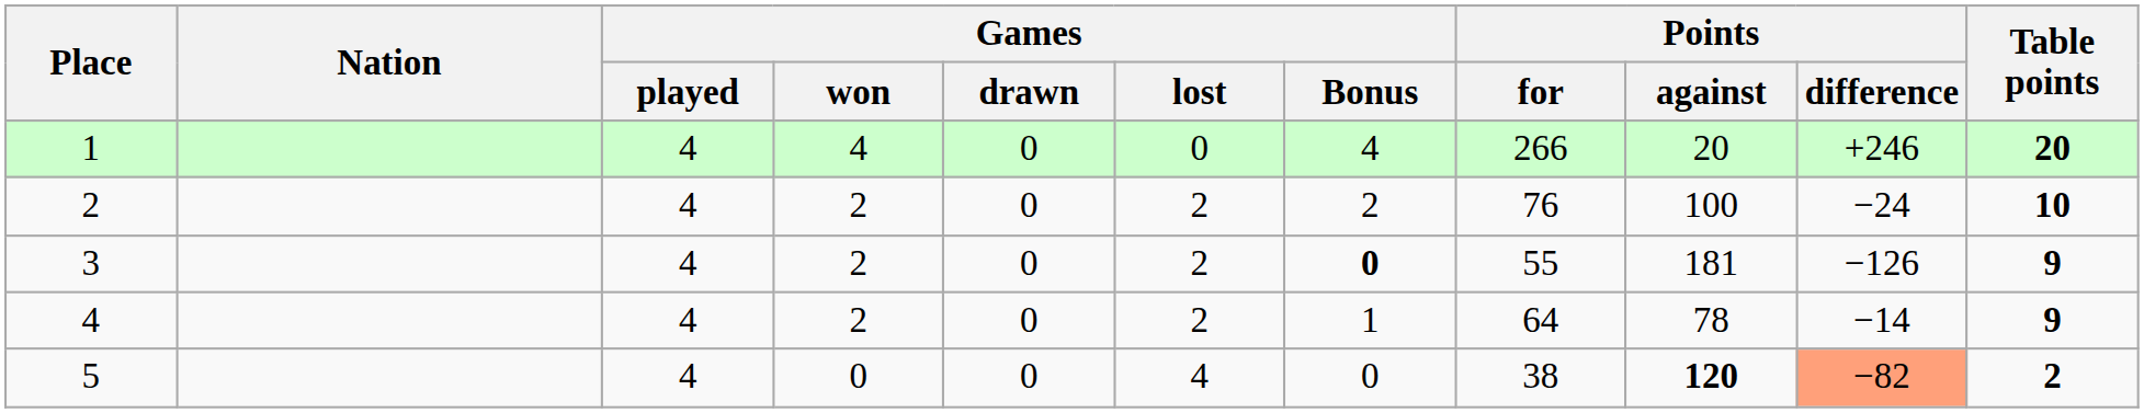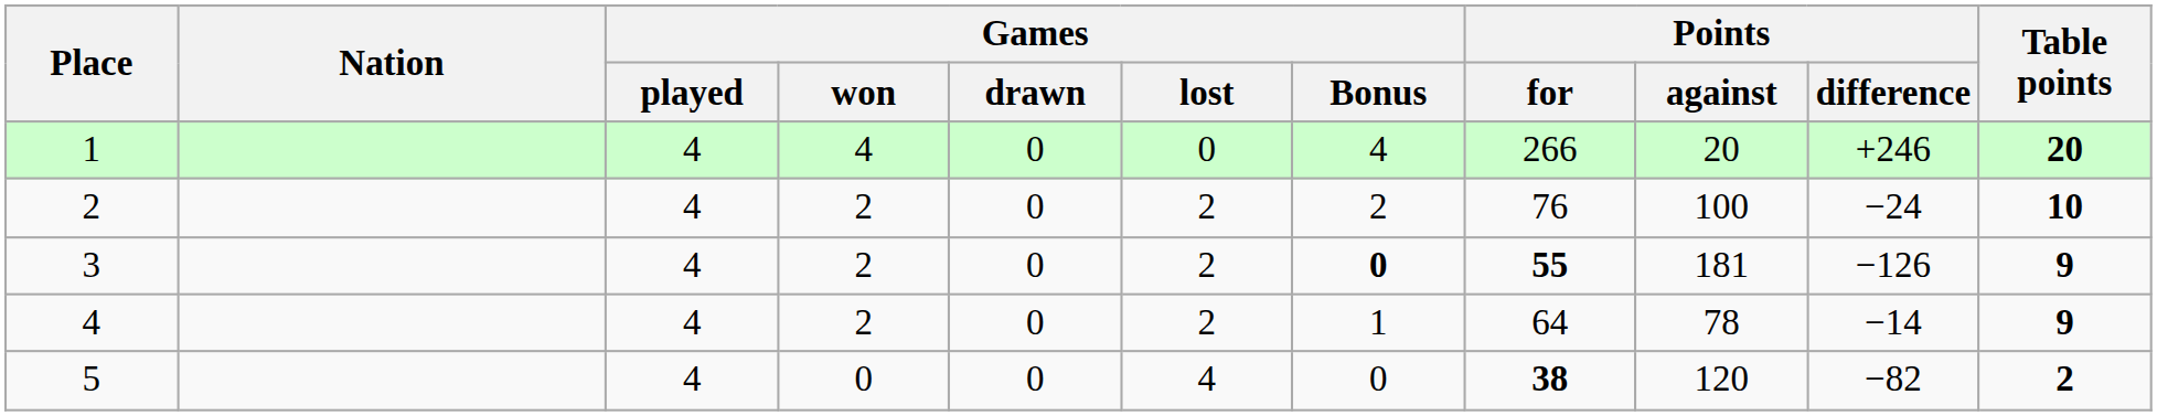 <table class="wikitable">
 <tr>
 <th rowspan=2 width="8%">Place</th>
 <th rowspan=2 width="20%">Nation</th>
 <th colspan=5 width="40%">Games</th>
 <th colspan=3 width="24%">Points</th>
 <th rowspan=2 width="10%">Table<br>points</th>
 </tr>
 <tr>
 <th width="8%">played</th>
 <th width="8%">won</th>
 <th width="8%">drawn</th>
 <th width="8%">lost</th>
 <th width="8%">Bonus</th>
 <th width="8%">for</th>
 <th width="8%">against</th>
 <th width="8%">difference</th>
 </tr>
 <tr align=center bgcolor="#ccffcc">
 <td>1</td>
 <td align=left></td>
 <td>4</td>
 <td>4</td>
 <td>0</td>
 <td>0</td>
 <td>4</td>
 <td>266</td>
 <td>20</td>
 <td>+246</td>
 <td><strong>20</strong></td>
 </tr>
 <tr align=center>
 <td>2</td>
 <td align=left></td>
 <td>4</td>
 <td>2</td>
 <td>0</td>
 <td>2</td>
 <td>2</td>
 <td>76</td>
 <td>100</td>
 <td>−24</td>
 <td><strong>10</strong></td>
 </tr>
 <tr align=center>
 <td>3</td>
 <td align=left></td>
 <td>4</td>
 <td>2</td>
 <td>0</td>
 <td>2</td>
 <td><strong>0</strong></td>
-<td>55</td>
+<td><strong>55</strong></td>
 <td>181</td>
 <td>−126</td>
 <td><strong>9</strong></td>
 </tr>
 <tr align=center>
 <td>4</td>
 <td align=left></td>
 <td>4</td>
 <td>2</td>
 <td>0</td>
 <td>2</td>
 <td>1</td>
 <td>64</td>
 <td>78</td>
 <td>−14</td>
 <td><strong>9</strong></td>
 </tr>
 <tr align=center>
 <td>5</td>
 <td align=left></td>
 <td>4</td>
 <td>0</td>
 <td>0</td>
 <td>4</td>
 <td>0</td>
-<td>38</td>
-<td><strong>120</strong></td>
-<td style="background: lightsalmon;">−82</td>
+<td><strong>38</strong></td>
+<td>120</td>
+<td>−82</td>
 <td><strong>2</strong></td>
 </tr>
 </table>
